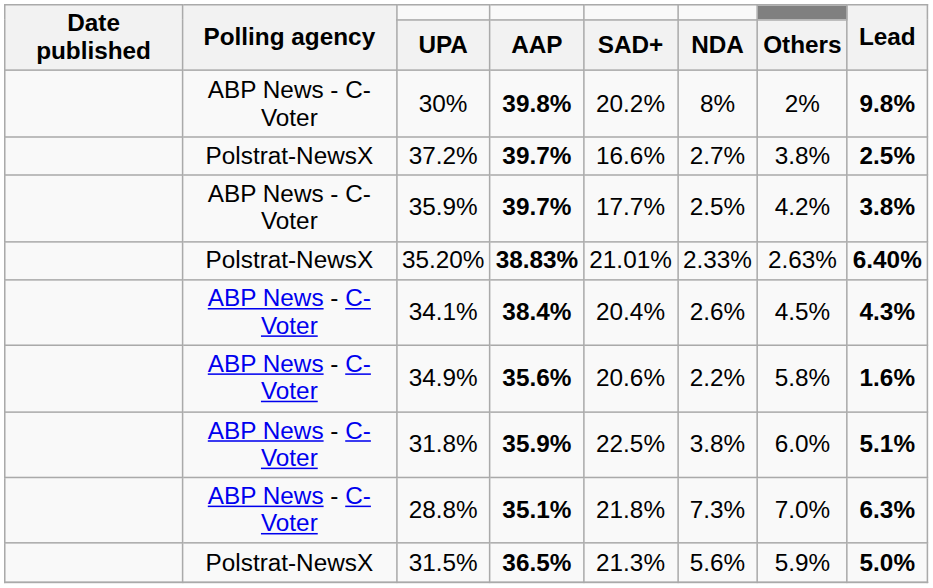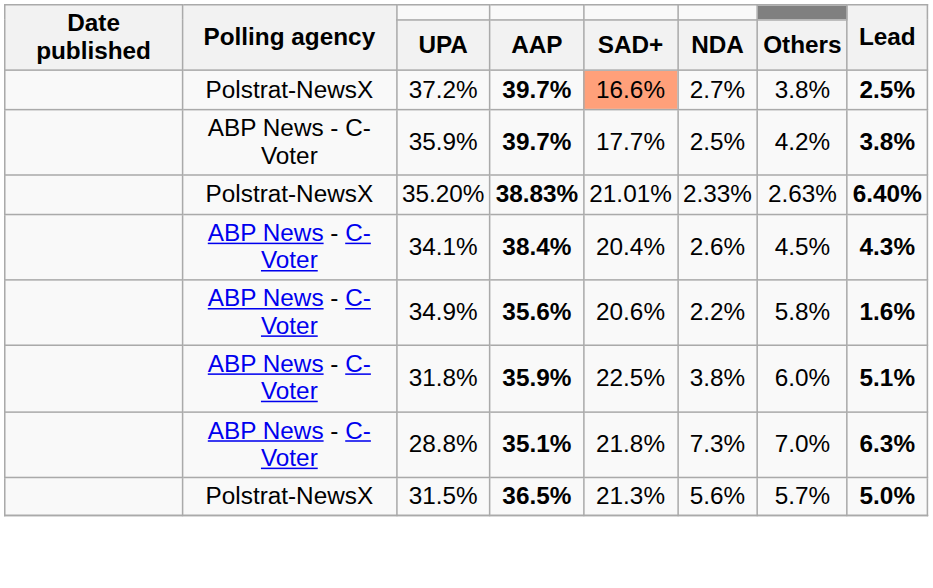 <table class="wikitable sortable" style="text-align:center;">
 <tr>
 <th rowspan="2">Date published</th>
 <th rowspan="2">Polling agency</th>
 <td></td>
 <td></td>
 <td></td>
 <td></td>
 <td bgcolor="gray"></td>
 <th rowspan="2">Lead</th>
 </tr>
 <tr>
 <th>UPA</th>
 <th>AAP</th>
 <th>SAD+</th>
 <th>NDA</th>
 <th>Others</th>
 </tr>
 <tr>
 <td></td>
-<td>ABP News - C-Voter</td>
-<td>30%</td>
-<td><strong>39.8%</strong></td>
-<td>20.2%</td>
-<td>8%</td>
-<td>2%</td>
-<td><strong>9.8%</strong></td>
-</tr>
-<tr>
-<td></td>
 <td>Polstrat-NewsX</td>
 <td>37.2%</td>
 <td><strong>39.7%</strong></td>
-<td>16.6%</td>
+<td style="background: lightsalmon;">16.6%</td>
 <td>2.7%</td>
 <td>3.8%</td>
 <td><strong>2.5%</strong></td>
 </tr>
 <tr>
 <td></td>
 <td>ABP News - C-Voter</td>
 <td>35.9%</td>
 <td><strong>39.7%</strong></td>
 <td>17.7%</td>
 <td>2.5%</td>
 <td>4.2%</td>
 <td><strong>3.8%</strong></td>
 </tr>
 <tr>
 <td></td>
 <td>Polstrat-NewsX</td>
 <td>35.20%</td>
 <td><strong>38.83%</strong></td>
 <td>21.01%</td>
 <td>2.33%</td>
 <td>2.63%</td>
 <td><strong>6.40%</strong></td>
 </tr>
 <tr>
 <td></td>
 <td><a href='#'>ABP News</a> - <a href='#'>C-Voter</a></td>
 <td>34.1%</td>
 <td><strong>38.4%</strong></td>
 <td>20.4%</td>
 <td>2.6%</td>
 <td>4.5%</td>
 <td><strong>4.3%</strong></td>
 </tr>
 <tr>
 <td></td>
 <td><a href='#'>ABP News</a> - <a href='#'>C-Voter</a></td>
 <td>34.9%</td>
 <td><strong>35.6%</strong></td>
 <td>20.6%</td>
 <td>2.2%</td>
 <td>5.8%</td>
 <td><strong>1.6%</strong></td>
 </tr>
 <tr>
 <td></td>
 <td><a href='#'>ABP News</a> - <a href='#'>C-Voter</a></td>
 <td>31.8%</td>
 <td><strong>35.9%</strong></td>
 <td>22.5%</td>
 <td>3.8%</td>
 <td>6.0%</td>
 <td><strong>5.1%</strong></td>
 </tr>
 <tr>
 <td></td>
 <td><a href='#'>ABP News</a> - <a href='#'>C-Voter</a></td>
 <td>28.8%</td>
 <td><strong>35.1%</strong></td>
 <td>21.8%</td>
 <td>7.3%</td>
 <td>7.0%</td>
 <td><strong>6.3%</strong></td>
 </tr>
 <tr>
 <td></td>
 <td>Polstrat-NewsX</td>
 <td>31.5%</td>
 <td><strong>36.5%</strong></td>
 <td>21.3%</td>
 <td>5.6%</td>
-<td>5.9%</td>
+<td>5.7%</td>
 <td><strong>5.0%</strong></td>
 </tr>
 <tr>
 </tr>
 </table>
